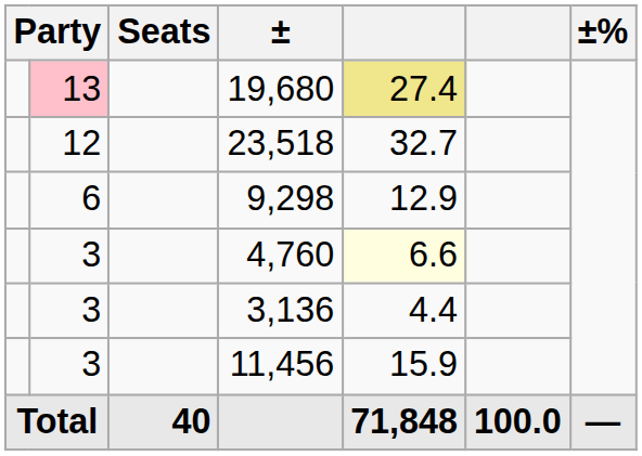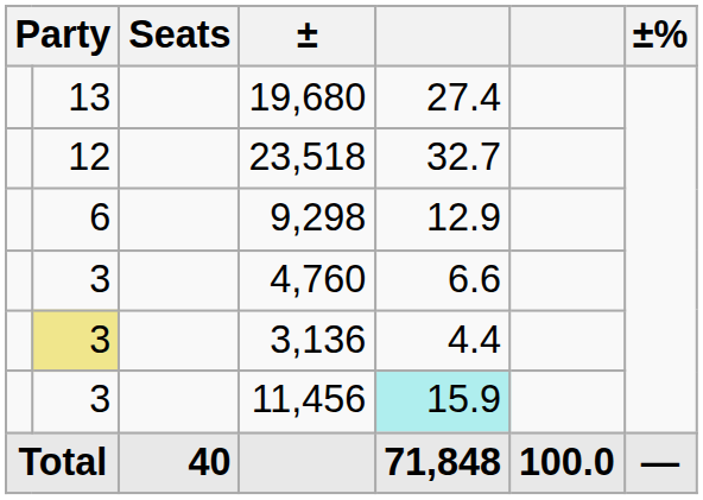 <table class=wikitable>
 <tr>
 <th colspan=2 align=center>Party</th>
 <th>Seats</th>
 <th>±</th>
 <th></th>
 <th></th>
 <th>±%</th>
 </tr>
 <tr>
 <td></td>
-<td align=right style="background: pink;">13</td>
+<td align=right>13</td>
 <td align=right></td>
 <td align=right>19,680</td>
-<td align=right style="background: khaki;">27.4</td>
+<td align=right>27.4</td>
 <td align=right></td>
 </tr>
 <tr>
 <td></td>
 <td align=right>12</td>
 <td align=right></td>
 <td align=right>23,518</td>
 <td align=right>32.7</td>
 <td align=right></td>
 </tr>
 <tr>
 <td></td>
 <td align=right>6</td>
 <td align=right></td>
 <td align=right>9,298</td>
 <td align=right>12.9</td>
 <td align=right></td>
 </tr>
 <tr>
 <td></td>
 <td align=right>3</td>
 <td align=right></td>
 <td align=right>4,760</td>
-<td align=right style="background: lightyellow;">6.6</td>
+<td align=right>6.6</td>
 <td align=right></td>
 </tr>
 <tr>
 <td></td>
-<td align=right>3</td>
+<td align=right style="background: khaki;">3</td>
 <td align=right></td>
 <td align=right>3,136</td>
 <td align=right>4.4</td>
 <td align=right></td>
 </tr>
 <tr>
 <td></td>
 <td align=right>3</td>
 <td align=right></td>
 <td align=right>11,456</td>
-<td align=right>15.9</td>
+<td align=right style="background: paleturquoise;">15.9</td>
 <td align=right></td>
 </tr>
 <tr style="font-weight:bold; background:rgb(232,232,232);">
 <td colspan=2 align=center>Total</td>
 <td align=right>40</td>
 <td align=center></td>
 <td align=right>71,848</td>
 <td align=center>100.0</td>
 <td align=center>—</td>
 </tr>
 </table>
